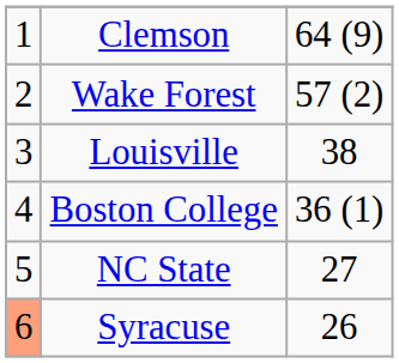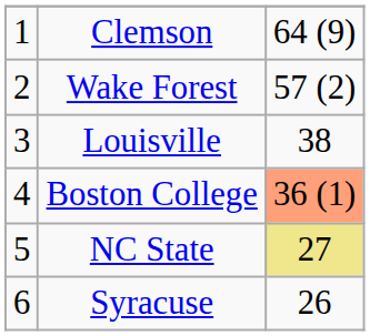 <table class="wikitable" style="display: inline-table; text-align: center;">
 <tr align="center">
 </tr>
 <tr align="center">
 <td>1</td>
 <td><a href='#'>Clemson</a></td>
 <td>64 (9)</td>
 </tr>
 <tr align="center">
 <td>2</td>
 <td><a href='#'>Wake Forest</a></td>
 <td>57 (2)</td>
 </tr>
 <tr align="center">
 <td>3</td>
 <td><a href='#'>Louisville</a></td>
 <td>38</td>
 </tr>
 <tr align="center">
 <td>4</td>
 <td><a href='#'>Boston College</a></td>
-<td>36 (1)</td>
+<td style="background: lightsalmon;">36 (1)</td>
 </tr>
 <tr align="center">
 <td>5</td>
 <td><a href='#'>NC State</a></td>
-<td>27</td>
+<td style="background: khaki;">27</td>
 </tr>
 <tr align="center">
-<td style="background: lightsalmon;">6</td>
+<td>6</td>
 <td><a href='#'>Syracuse</a></td>
 <td>26</td>
 </tr>
 </table>
